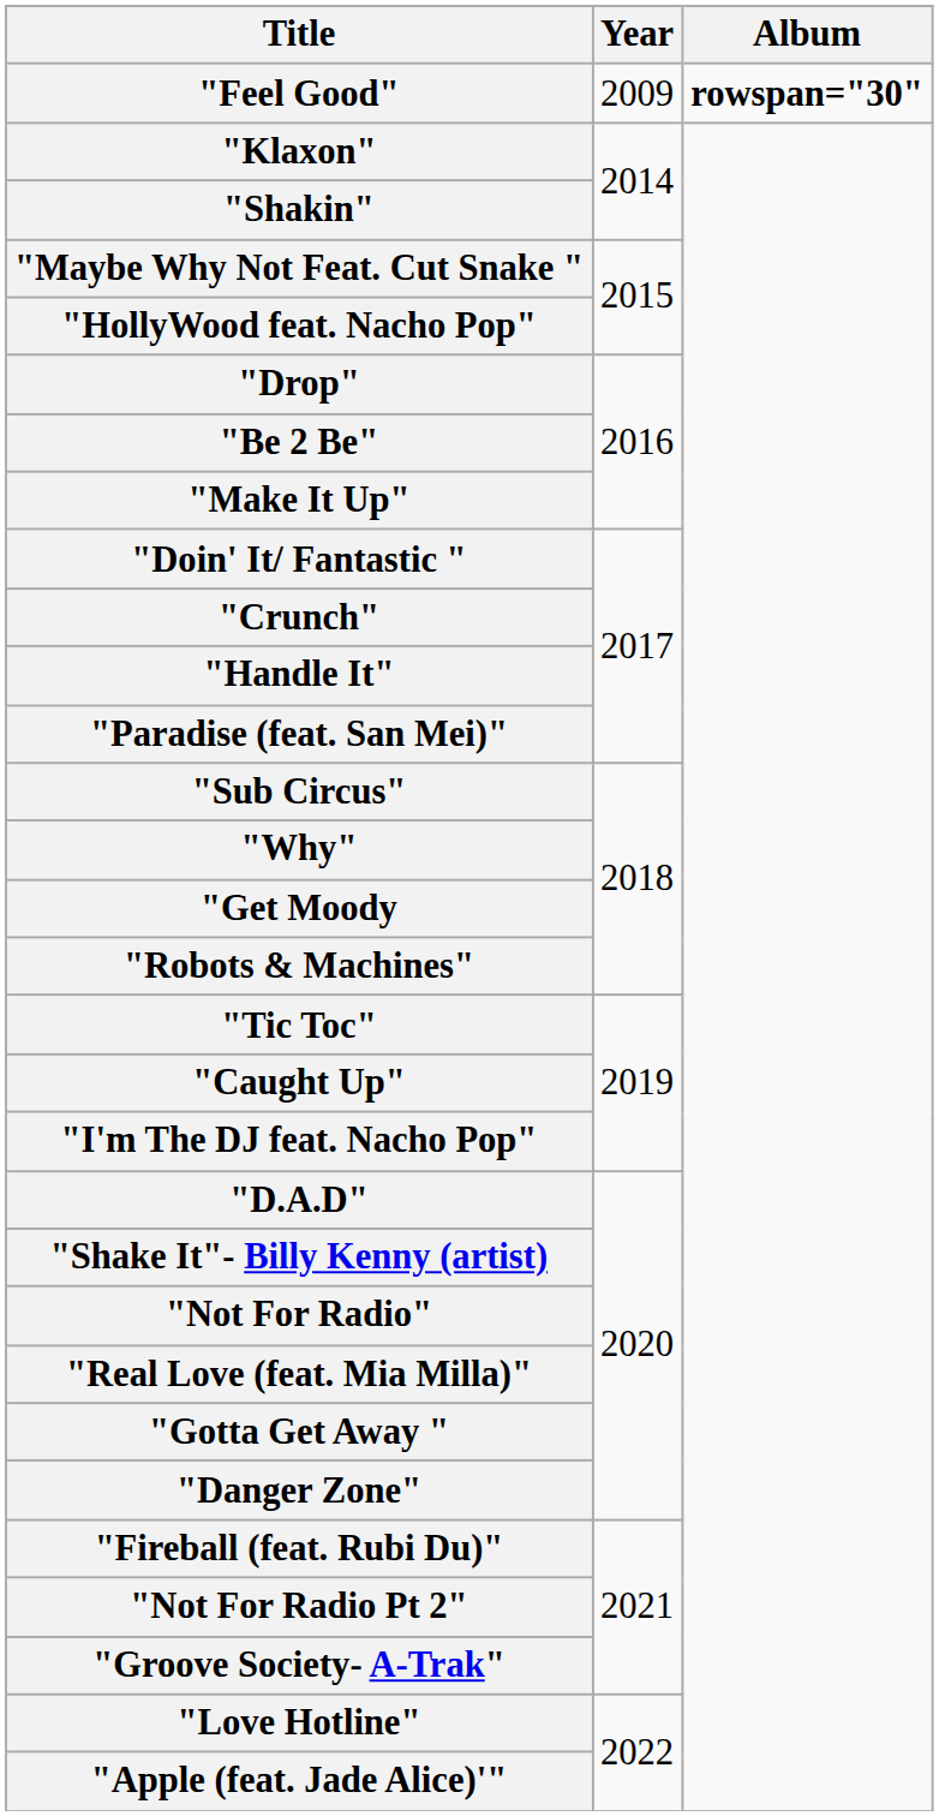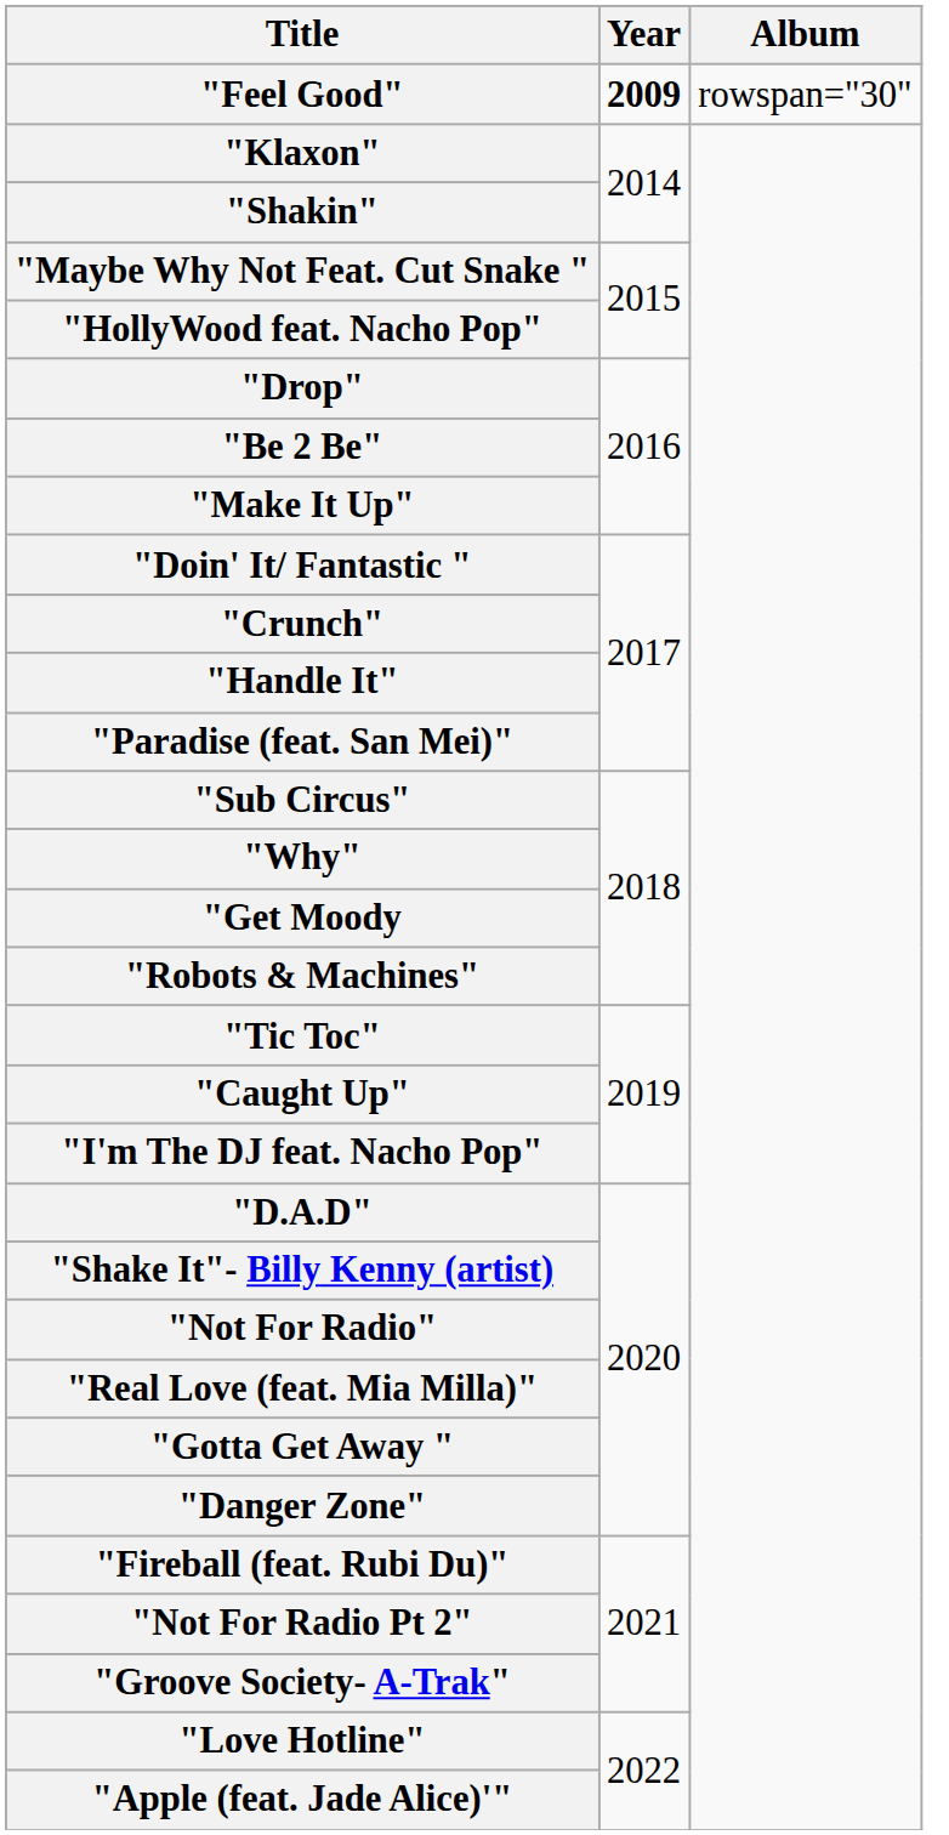 <table class="wikitable plainrowheaders" style="text-align:center;">
 <tr>
 <th>Title</th>
 <th>Year</th>
 <th>Album</th>
 </tr>
 <tr>
 <th scope="row">"Feel Good"</th>
-<td>2009</td>
-<td><strong>rowspan="30" </strong></td>
+<td><strong>2009</strong></td>
+<td>rowspan="30" </td>
 </tr>
 <tr>
 <th scope="row">"Klaxon"</th>
 <td rowspan="2">2014</td>
 </tr>
 <tr>
 <th scope="row">"Shakin"</th>
 </tr>
 <tr>
 <th scope="row">"Maybe Why Not Feat. Cut Snake "</th>
 <td rowspan="2">2015</td>
 </tr>
 <tr>
 <th scope="row">"HollyWood feat. Nacho Pop" </th>
 </tr>
 <tr>
 <th scope="row">"Drop"</th>
 <td rowspan="3">2016</td>
 </tr>
 <tr>
 <th scope="row">"Be 2 Be"</th>
 </tr>
 <tr>
 <th scope="row">"Make It Up"</th>
 </tr>
 <tr>
 <th scope="row">"Doin' It/ Fantastic "</th>
 <td rowspan="4">2017</td>
 </tr>
 <tr>
 <th scope="row">"Crunch"</th>
 </tr>
 <tr>
 <th scope="row">"Handle It"</th>
 </tr>
 <tr>
 <th scope="row">"Paradise (feat. San Mei)"</th>
 </tr>
 <tr>
 <th scope="row">"Sub Circus"</th>
 <td rowspan="4">2018</td>
 </tr>
 <tr>
 <th scope="row">"Why"</th>
 </tr>
 <tr>
 <th scope="row">"Get Moody</th>
 </tr>
 <tr>
 <th scope="row">"Robots & Machines"</th>
 </tr>
 <tr>
 <th scope="row">"Tic Toc"</th>
 <td rowspan="3">2019</td>
 </tr>
 <tr>
 <th scope="row">"Caught Up"</th>
 </tr>
 <tr>
 <th scope="row">"I'm The DJ feat. Nacho Pop" </th>
 </tr>
 <tr>
 <th scope="row">"D.A.D"</th>
 <td rowspan="6">2020</td>
 </tr>
 <tr>
 <th scope="row">"Shake It"- <a href='#'>Billy Kenny (artist)</a></th>
 </tr>
 <tr>
 <th scope="row">"Not For Radio"</th>
 </tr>
 <tr>
 <th scope="row">"Real Love (feat. Mia Milla)"</th>
 </tr>
 <tr>
 <th scope="row">"Gotta Get Away "</th>
 </tr>
 <tr>
 <th scope="row">"Danger Zone"</th>
 </tr>
 <tr>
 <th scope="row">"Fireball (feat. Rubi Du)"</th>
 <td rowspan="3">2021</td>
 </tr>
 <tr>
 <th scope="row">"Not For Radio Pt 2"</th>
 </tr>
 <tr>
 <th scope="row">"Groove Society- <a href='#'>A-Trak</a>"</th>
 </tr>
 <tr>
 <th scope="row">"Love Hotline"</th>
 <td rowspan="2">2022</td>
 </tr>
 <tr>
 <th scope="row">"Apple (feat. Jade Alice)'"</th>
 </tr>
 </table>
